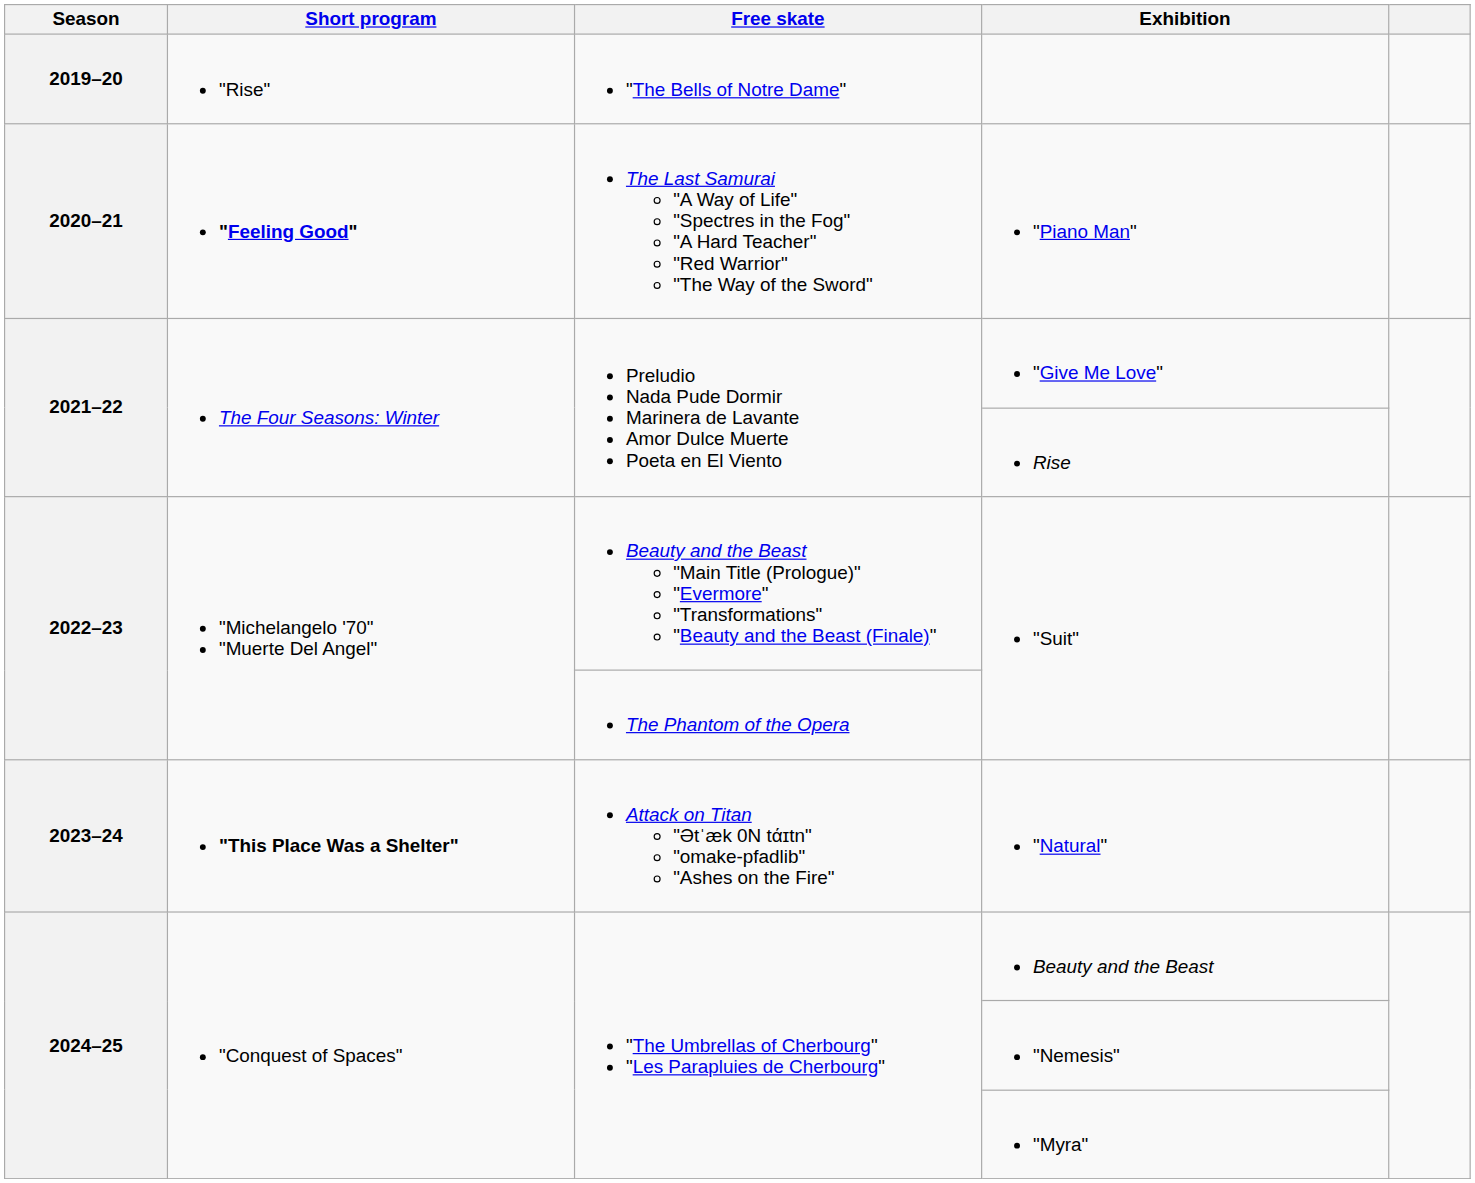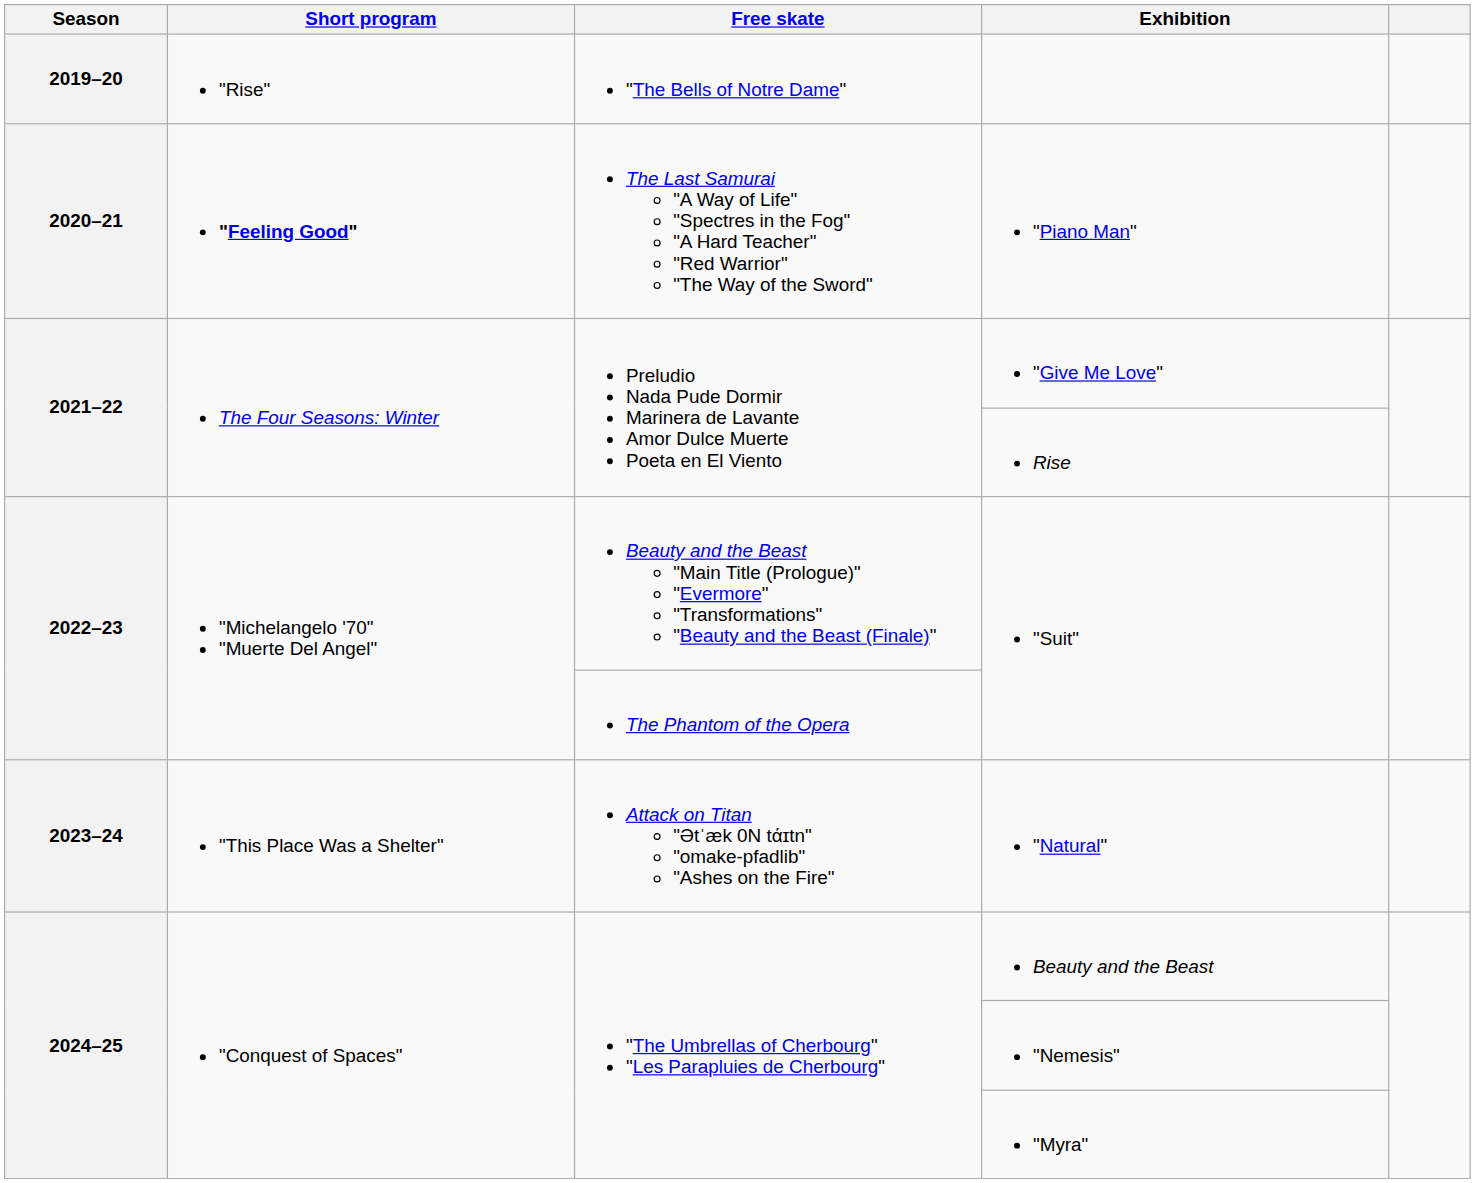 <table class="wikitable unsortable" style="text-align:left">
 <tr>
 <th scope="col" style="text-align:center; width:10%">Season</th>
 <th scope="col" style="text-align:center; width:25%"><a href='#'>Short program</a></th>
 <th scope="col" style="text-align:center; width:25%"><a href='#'>Free skate</a></th>
 <th scope="col" style="text-align:center; width:25%">Exhibition</th>
 <th scope="col" style="text-align:center; width:5%"></th>
 </tr>
 <tr>
 <th scope="row">2019–20</th>
 <td><br><ul><li>"Rise"<br></li></ul></td>
 <td><br><ul><li>"<a href='#'>The Bells of Notre Dame</a>"<br></li></ul></td>
 <td></td>
 <td></td>
 </tr>
 <tr>
 <th scope="row">2020–21</th>
 <td><strong><br><ul><li>"<a href='#'>Feeling Good</a>"<br></li></ul></strong></td>
 <td><br><ul><li><em><a href='#'>The Last Samurai</a></em><ul><li>"A Way of Life"</li><li>"Spectres in the Fog"</li><li>"A Hard Teacher"</li><li>"Red Warrior"</li><li>"The Way of the Sword"<br></li></ul></li></ul></td>
 <td><br><ul><li>"<a href='#'>Piano Man</a>"<br></li></ul></td>
 <td></td>
 </tr>
 <tr>
 <th rowspan="2" scope="row">2021–22</th>
 <td rowspan="2"><br><ul><li><em><a href='#'>The Four Seasons: Winter</a></em><br></li></ul></td>
 <td rowspan="2"><br><ul><li>Preludio</li><li>Nada Pude Dormir</li><li>Marinera de Lavante</li><li>Amor Dulce Muerte</li><li>Poeta en El Viento<br></li></ul></td>
 <td><br><ul><li>"<a href='#'>Give Me Love</a>"<br></li></ul></td>
 <td rowspan="2"></td>
 </tr>
 <tr>
 <td><br><ul><li><em>Rise</em></li></ul></td>
 </tr>
 <tr>
 <th rowspan="2" scope="row">2022–23</th>
 <td rowspan="2"><br><ul><li>"Michelangelo '70"</li><li>"Muerte Del Angel"<br></li></ul></td>
 <td><br><ul><li><em><a href='#'>Beauty and the Beast</a></em><ul><li>"Main Title (Prologue)"<br></li><li>"<a href='#'>Evermore</a>"<br></li><li>"Transformations"</li><li>"<a href='#'>Beauty and the Beast (Finale)</a>"<br></li></ul></li></ul></td>
 <td rowspan="2"><br><ul><li>"Suit"<br></li></ul></td>
 <td rowspan="2"></td>
 </tr>
 <tr>
 <td><br><ul><li><em><a href='#'>The Phantom of the Opera</a></em><br></li></ul></td>
 </tr>
 <tr>
 <th scope="row">2023–24</th>
-<td><strong><br><ul><li>"This Place Was a Shelter"<br></li></ul></strong></td>
+<td><br><ul><li>"This Place Was a Shelter"<br></li></ul></td>
 <td><br><ul><li><em><a href='#'>Attack on Titan</a></em><ul><li>"Ətˈæk 0N tάɪtn"</li><li>"omake-pfadlib"<br></li><li>"Ashes on the Fire"<br> </li></ul></li></ul></td>
 <td><br><ul><li>"<a href='#'>Natural</a>"<br></li></ul></td>
 <td></td>
 </tr>
 <tr>
 <th rowspan="3" scope="row">2024–25</th>
 <td rowspan="3"><br><ul><li>"Conquest of Spaces"<br></li></ul></td>
 <td rowspan="3"><br><ul><li>"<a href='#'>The Umbrellas of Cherbourg</a>"<br></li><li>"<a href='#'>Les Parapluies de Cherbourg</a>" <br> </li></ul></td>
 <td><br><ul><li><em>Beauty and the Beast</em></li></ul></td>
 <td rowspan="3"></td>
 </tr>
 <tr>
 <td><br><ul><li>"Nemesis"<br></li></ul></td>
 </tr>
 <tr>
 <td><br><ul><li>"Myra"<br></li></ul></td>
 </tr>
 </table>
